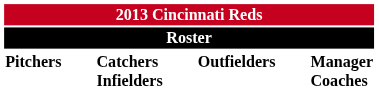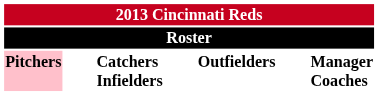 <table class="toccolours" style="font-size: 95%;">
 <tr>
 <th colspan="10" style="background-color: #c6011f; color: #FFFFFF; text-align: center;">2013 Cincinnati Reds</th>
 </tr>
 <tr>
 <td colspan="10" style="background-color: black; color: #FFFFFF; text-align: center;"><strong>Roster</strong></td>
 </tr>
 <tr>
-<td valign="top"><strong>Pitchers</strong><br>                   </td>
+<td valign="top" style="background: pink;"><strong>Pitchers</strong><br>                   </td>
 <td width="25px"></td>
 <td valign="top"><strong>Catchers</strong><br>   <strong>Infielders</strong>        </td>
 <td width="25px"></td>
 <td valign="top"><strong>Outfielders</strong><br>       </td>
 <td width="25px"></td>
 <td valign="top"><strong>Manager</strong><br> <strong>Coaches</strong>                  </td>
 </tr>
 </table>
